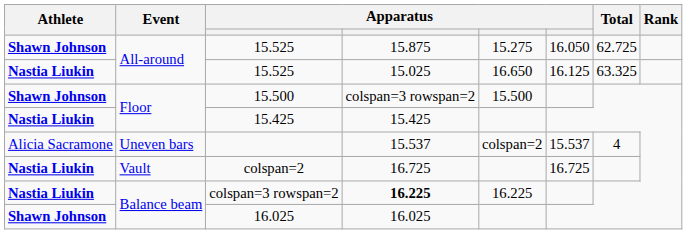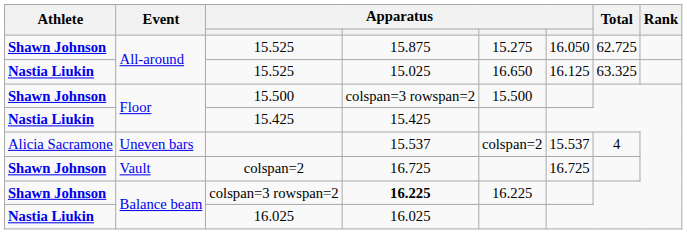 <table class=wikitable style=font-size:90%;text-align:center>
 <tr>
 <th rowspan=2>Athlete</th>
 <th rowspan=2>Event</th>
 <th colspan=4>Apparatus</th>
 <th rowspan=2>Total</th>
 <th rowspan=2>Rank</th>
 </tr>
 <tr style=font-size:95%>
 <th></th>
 <th></th>
 <th></th>
 <th></th>
 </tr>
 <tr>
 <td align=left><strong><a href='#'>Shawn Johnson</a></strong></td>
 <td align=left rowspan=2><a href='#'>All-around</a></td>
 <td>15.525</td>
 <td>15.875</td>
 <td>15.275</td>
 <td>16.050</td>
 <td>62.725</td>
 <td></td>
 </tr>
 <tr>
 <td align=left><strong><a href='#'>Nastia Liukin</a></strong></td>
 <td>15.525</td>
 <td>15.025</td>
 <td>16.650</td>
 <td>16.125</td>
 <td>63.325</td>
 <td></td>
 </tr>
 <tr>
 <td align=left><strong><a href='#'>Shawn Johnson</a></strong></td>
 <td align=left rowspan=2><a href='#'>Floor</a></td>
 <td>15.500</td>
 <td>colspan=3 rowspan=2 </td>
 <td>15.500</td>
 <td></td>
 </tr>
 <tr>
 <td align=left><strong><a href='#'>Nastia Liukin</a></strong></td>
 <td>15.425</td>
 <td>15.425</td>
 <td></td>
 </tr>
 <tr>
 <td align=left><a href='#'>Alicia Sacramone</a></td>
 <td align=left><a href='#'>Uneven bars</a></td>
 <td></td>
 <td>15.537</td>
 <td>colspan=2 </td>
 <td>15.537</td>
 <td>4</td>
 </tr>
 <tr>
-<td align=left><strong><a href='#'>Nastia Liukin</a></strong></td>
+<td align=left><strong><a href='#'>Shawn Johnson</a></strong></td>
 <td align=left><a href='#'>Vault</a></td>
 <td>colspan=2 </td>
 <td>16.725</td>
 <td></td>
 <td>16.725</td>
 <td></td>
 </tr>
 <tr>
-<td align=left><strong><a href='#'>Nastia Liukin</a></strong></td>
+<td align=left><strong><a href='#'>Shawn Johnson</a></strong></td>
 <td align=left rowspan=2><a href='#'>Balance beam</a></td>
 <td>colspan=3 rowspan=2 </td>
 <td><strong>16.225</strong></td>
 <td>16.225</td>
 <td></td>
 </tr>
 <tr>
-<td align=left><strong><a href='#'>Shawn Johnson</a></strong></td>
+<td align=left><strong><a href='#'>Nastia Liukin</a></strong></td>
 <td>16.025</td>
 <td>16.025</td>
 <td></td>
 </tr>
 </table>
